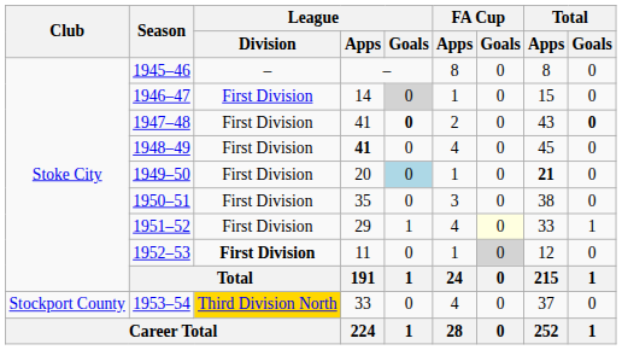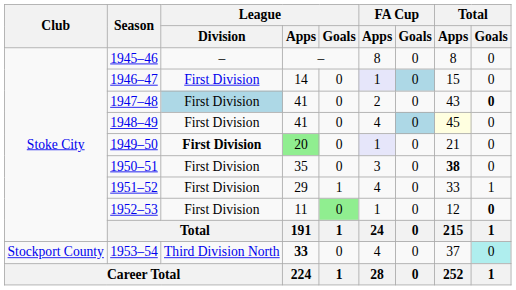 <table class="wikitable" style="text-align: center;">
 <tr>
 <th rowspan="2">Club</th>
 <th rowspan="2">Season</th>
 <th colspan="3">League</th>
 <th colspan="2">FA Cup</th>
 <th colspan="2">Total</th>
 </tr>
 <tr>
 <th>Division</th>
 <th>Apps</th>
 <th>Goals</th>
 <th>Apps</th>
 <th>Goals</th>
 <th>Apps</th>
 <th>Goals</th>
 </tr>
 <tr>
 <td rowspan="9"><a href='#'>Stoke City</a></td>
 <td><a href='#'>1945–46</a></td>
 <td>–</td>
 <td colspan="2">–</td>
 <td>8</td>
 <td>0</td>
 <td>8</td>
 <td>0</td>
 </tr>
 <tr>
 <td><a href='#'>1946–47</a></td>
 <td><a href='#'>First Division</a></td>
 <td>14</td>
-<td style="background: lightgrey;">0</td>
-<td>1</td>
 <td>0</td>
+<td style="background: lavender;">1</td>
+<td style="background: lightblue;">0</td>
 <td>15</td>
 <td>0</td>
 </tr>
 <tr>
 <td><a href='#'>1947–48</a></td>
-<td>First Division</td>
+<td style="background: lightblue;">First Division</td>
 <td>41</td>
-<td><strong>0</strong></td>
+<td>0</td>
 <td>2</td>
 <td>0</td>
 <td>43</td>
 <td><strong>0</strong></td>
 </tr>
 <tr>
 <td><a href='#'>1948–49</a></td>
 <td>First Division</td>
-<td><strong>41</strong></td>
+<td>41</td>
 <td>0</td>
 <td>4</td>
-<td>0</td>
-<td>45</td>
+<td style="background: lightblue;">0</td>
+<td style="background: lightyellow;">45</td>
 <td>0</td>
 </tr>
 <tr>
 <td><a href='#'>1949–50</a></td>
-<td>First Division</td>
-<td>20</td>
-<td style="background: lightblue;">0</td>
-<td>1</td>
+<td><strong>First Division</strong></td>
+<td style="background: lightgreen;">20</td>
 <td>0</td>
-<td><strong>21</strong></td>
+<td style="background: lavender;">1</td>
+<td>0</td>
+<td>21</td>
 <td>0</td>
 </tr>
 <tr>
 <td><a href='#'>1950–51</a></td>
 <td>First Division</td>
 <td>35</td>
 <td>0</td>
 <td>3</td>
 <td>0</td>
-<td>38</td>
+<td><strong>38</strong></td>
 <td>0</td>
 </tr>
 <tr>
 <td><a href='#'>1951–52</a></td>
 <td>First Division</td>
 <td>29</td>
 <td>1</td>
 <td>4</td>
-<td style="background: lightyellow;">0</td>
+<td>0</td>
 <td>33</td>
 <td>1</td>
 </tr>
 <tr>
 <td><a href='#'>1952–53</a></td>
-<td><strong>First Division</strong></td>
+<td>First Division</td>
 <td>11</td>
+<td style="background: lightgreen;">0</td>
+<td>1</td>
 <td>0</td>
-<td>1</td>
-<td style="background: lightgrey;">0</td>
 <td>12</td>
-<td>0</td>
+<td><strong>0</strong></td>
 </tr>
 <tr>
 <th colspan="2">Total</th>
 <th>191</th>
 <th>1</th>
 <th>24</th>
 <th>0</th>
 <th>215</th>
 <th>1</th>
 </tr>
 <tr>
 <td><a href='#'>Stockport County</a></td>
 <td><a href='#'>1953–54</a></td>
-<td style="background: gold;"><a href='#'>Third Division North</a></td>
-<td>33</td>
+<td><a href='#'>Third Division North</a></td>
+<td><strong>33</strong></td>
 <td>0</td>
 <td>4</td>
 <td>0</td>
 <td>37</td>
-<td>0</td>
+<td style="background: paleturquoise;">0</td>
 </tr>
 <tr>
 <th colspan="3">Career Total</th>
 <th>224</th>
 <th>1</th>
 <th>28</th>
 <th>0</th>
 <th>252</th>
 <th>1</th>
 </tr>
 </table>
